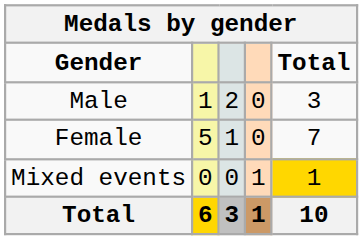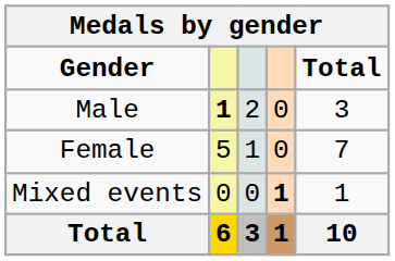 <table class="wikitable" style="font-size:85%; float:left">
 <tr style="background:#efefef;">
 <th colspan=5><strong>Medals by gender</strong></th>
 </tr>
 <tr align=center>
 <td><strong>Gender</strong></td>
 <td style="background:#f7f6a8;"></td>
 <td style="background:#dce5e5;"></td>
 <td style="background:#ffdab9;"></td>
 <td><strong>Total</strong></td>
 </tr>
 <tr align=center>
 <td>Male</td>
-<td style="background:#F7F6A8;">1</td>
+<td style="background:#F7F6A8;"><strong>1</strong></td>
 <td style="background:#DCE5E5;">2</td>
 <td style="background:#FFDAB9;">0</td>
 <td>3</td>
 </tr>
 <tr align=center>
 <td>Female</td>
 <td style="background:#F7F6A8;">5</td>
 <td style="background:#DCE5E5;">1</td>
 <td style="background:#FFDAB9;">0</td>
 <td>7</td>
 </tr>
 <tr align=center>
 <td>Mixed events</td>
 <td style="background:#F7F6A8;">0</td>
 <td style="background:#DCE5E5;">0</td>
-<td style="background:#FFDAB9;">1</td>
-<td style="background: gold;">1</td>
+<td style="background:#FFDAB9;"><strong>1</strong></td>
+<td>1</td>
 </tr>
 <tr align=center>
 <th><strong>Total</strong></th>
 <th style="background:gold;"><strong>6</strong></th>
 <th style="background:silver;"><strong>3</strong></th>
 <th style="background:#c96;"><strong>1</strong></th>
 <th><strong>10</strong></th>
 </tr>
 </table>
